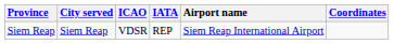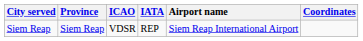 <table class="wikitable sortable">
 <tr valign="baseline">
+<th style="text-align:left;"><a href='#'>City served</a></th>
 <th style="text-align:left;"><a href='#'>Province</a></th>
-<th style="text-align:left;"><a href='#'>City served</a></th>
 <th style="text-align:left;"><a href='#'>ICAO</a></th>
 <th style="text-align:left;"><a href='#'>IATA</a></th>
 <th style="text-align:left;">Airport name</th>
 <th style="text-align:left;"><a href='#'>Coordinates</a></th>
 </tr>
 <tr valign="top">
 <td><a href='#'>Siem Reap</a></td>
 <td><a href='#'>Siem Reap</a></td>
 <td>VDSR</td>
 <td>REP</td>
 <td><a href='#'>Siem Reap International Airport</a></td>
 <td></td>
 </tr>
 </table>
